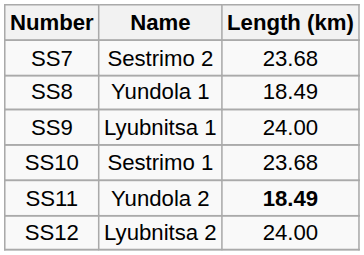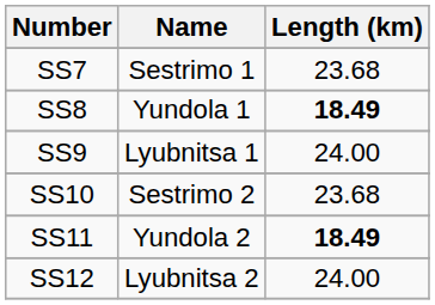 <table class="wikitable" border="1" style="font-size:90%;">
 <tr>
 <th>Number</th>
 <th>Name</th>
 <th>Length (km)</th>
 </tr>
 <tr>
 </tr>
 <tr>
 <td rowspan=1 align=center>SS7</td>
-<td rowspan=1 align=center>Sestrimo 2</td>
+<td rowspan=1 align=center>Sestrimo 1</td>
 <td rowspan=1 align=center>23.68</td>
 </tr>
 <tr>
 </tr>
 <tr>
 <td rowspan=1 align=center>SS8</td>
 <td rowspan=1 align=center>Yundola 1</td>
-<td rowspan=1 align=center>18.49</td>
+<td rowspan=1 align=center><strong>18.49</strong></td>
 </tr>
 <tr>
 </tr>
 <tr>
 <td rowspan=1 align=center>SS9</td>
 <td rowspan=1 align=center>Lyubnitsa 1</td>
 <td rowspan=1 align=center>24.00</td>
 </tr>
 <tr>
 </tr>
 <tr>
 <td rowspan=1 align=center>SS10</td>
-<td rowspan=1 align=center>Sestrimo 1</td>
+<td rowspan=1 align=center>Sestrimo 2</td>
 <td rowspan=1 align=center>23.68</td>
 </tr>
 <tr>
 </tr>
 <tr>
 <td rowspan=1 align=center>SS11</td>
 <td rowspan=1 align=center>Yundola 2</td>
 <td rowspan=1 align=center><strong>18.49</strong></td>
 </tr>
 <tr>
 </tr>
 <tr>
 <td rowspan=1 align=center>SS12</td>
 <td rowspan=1 align=center>Lyubnitsa 2</td>
 <td rowspan=1 align=center>24.00</td>
 </tr>
 <tr>
 </tr>
 </table>
